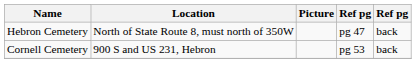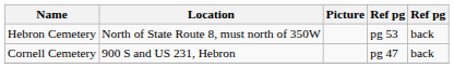 <table class="wikitable">
 <tr>
 <th>Name</th>
 <th>Location</th>
 <th>Picture</th>
 <th>Ref pg</th>
 <th>Ref pg</th>
 </tr>
 <tr>
 <td>Hebron Cemetery</td>
 <td>North of State Route 8, must north of 350W</td>
 <td></td>
-<td>pg 47</td>
+<td>pg 53</td>
 <td>back</td>
 </tr>
 <tr>
 <td>Cornell Cemetery</td>
 <td>900 S and US 231, Hebron</td>
 <td></td>
-<td>pg 53</td>
+<td>pg 47</td>
 <td>back</td>
 </tr>
 <tr>
 </tr>
 </table>
